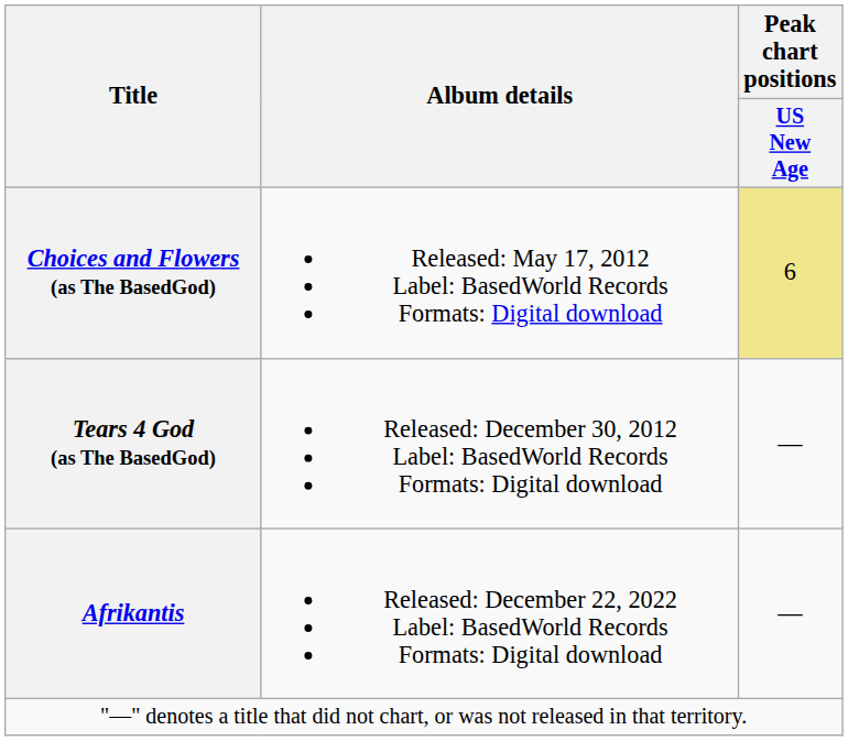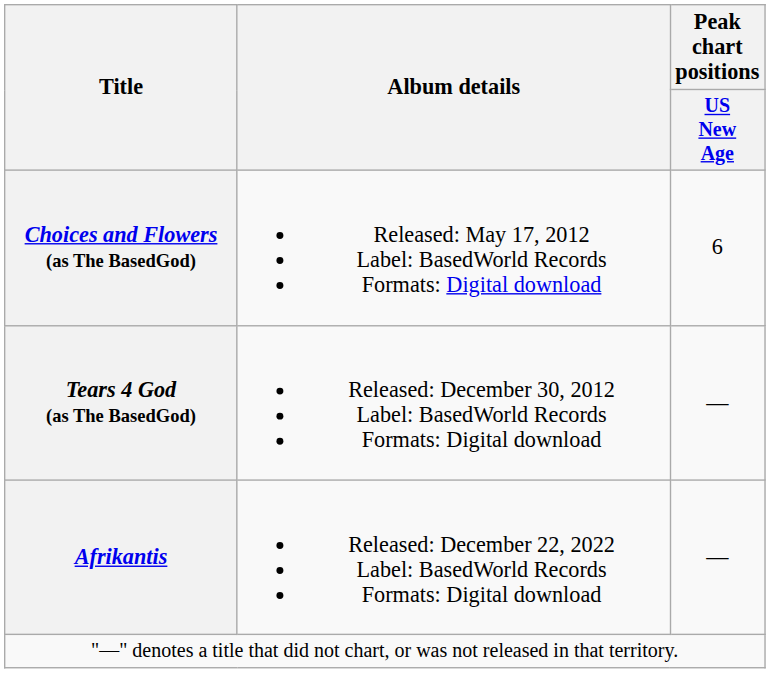 <table class="wikitable plainrowheaders" style="text-align:center;">
 <tr>
 <th scope="col" rowspan="2" style="width:10em;">Title</th>
 <th scope="col" rowspan="2" style="width:19em;">Album details</th>
 <th scope="col" colspan="1">Peak chart positions</th>
 </tr>
 <tr>
 <th scope="col" style="width:3em;font-size:90%;"><a href='#'>US<br>New<br>Age</a><br></th>
 </tr>
 <tr>
 <th scope="row"><em><a href='#'>Choices and Flowers</a></em><br><small>(as The BasedGod)</small></th>
 <td><br><ul><li>Released: May 17, 2012</li><li>Label: BasedWorld Records</li><li>Formats: <a href='#'>Digital download</a></li></ul></td>
-<td style="background: khaki;">6</td>
+<td>6</td>
 </tr>
 <tr>
 <th scope="row"><em>Tears 4 God</em><br><small>(as The BasedGod)</small></th>
 <td><br><ul><li>Released: December 30, 2012</li><li>Label: BasedWorld Records</li><li>Formats: Digital download</li></ul></td>
 <td>—</td>
 </tr>
 <tr>
 <th scope="row"><em><a href='#'>Afrikantis</a></em></th>
 <td><br><ul><li>Released: December 22, 2022</li><li>Label: BasedWorld Records</li><li>Formats: Digital download</li></ul></td>
 <td>—</td>
 </tr>
 <tr>
 <td colspan="13" style="font-size:90%">"—" denotes a title that did not chart, or was not released in that territory.</td>
 </tr>
 </table>
